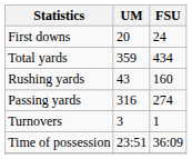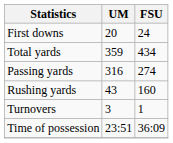 <table class="wikitable">
 <tr>
 <th>Statistics</th>
 <th>UM</th>
 <th>FSU</th>
 </tr>
 <tr>
 <td>First downs</td>
 <td>20</td>
 <td>24</td>
 </tr>
 <tr>
 <td>Total yards</td>
 <td>359</td>
 <td>434</td>
 </tr>
 <tr>
+<td>Passing yards</td>
+<td>316</td>
+<td>274</td>
+</tr>
+<tr>
 <td>Rushing yards</td>
 <td>43</td>
 <td>160</td>
-</tr>
-<tr>
-<td>Passing yards</td>
-<td>316</td>
-<td>274</td>
 </tr>
 <tr>
 <td>Turnovers</td>
 <td>3</td>
 <td>1</td>
 </tr>
 <tr>
 <td>Time of possession</td>
 <td>23:51</td>
 <td>36:09</td>
 </tr>
 <tr>
 </tr>
 </table>
